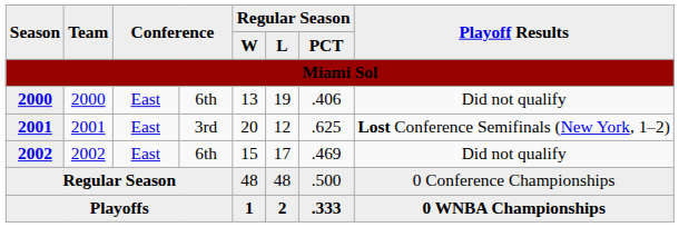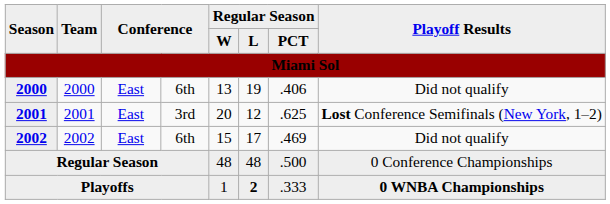 <table class="wikitable" style="font size:95%; text-align: center; margin:1em auto;">
 <tr>
 <th rowspan="2" style="background:#eee;">Season</th>
 <th rowspan="2" style="background:#eee;">Team</th>
 <th rowspan="2" colspan="2" style="background:#eee;">Conference</th>
 <th colspan="3" style="background:#eee;">Regular Season</th>
 <th rowspan="2" style="background:#eee;"><a href='#'>Playoff</a> Results</th>
 </tr>
 <tr>
 <th style="background:#eee;">W</th>
 <th style="background:#eee;">L</th>
 <th style="background:#eee;">PCT</th>
 </tr>
 <tr>
 <td colspan="8" align=center bgcolor="#990000 "><strong><span>Miami Sol</span></strong></td>
 </tr>
 <tr align="center">
 <th style="background:#eee;"><a href='#'>2000</a></th>
 <td><a href='#'>2000</a></td>
 <td style="width: 10%"><a href='#'>East</a></td>
 <td>6th</td>
 <td>13</td>
 <td>19</td>
 <td>.406</td>
 <td>Did not qualify</td>
 </tr>
 <tr align="center">
 <th style="background:#eee;"><a href='#'>2001</a></th>
 <td><a href='#'>2001</a></td>
 <td style="width: 10%"><a href='#'>East</a></td>
 <td>3rd</td>
 <td>20</td>
 <td>12</td>
 <td>.625</td>
 <td><strong>Lost</strong> Conference Semifinals (<a href='#'>New York</a>, 1–2)</td>
 </tr>
 <tr align="center">
 <th style="background:#eee;"><a href='#'>2002</a></th>
 <td><a href='#'>2002</a></td>
 <td style="width: 10%"><a href='#'>East</a></td>
 <td>6th</td>
 <td>15</td>
 <td>17</td>
 <td>.469</td>
 <td>Did not qualify</td>
 </tr>
 <tr>
 <th colspan="4" style="background:#eee;">Regular Season</th>
 <td style="background:#eee;">48</td>
 <td style="background:#eee;">48</td>
 <td style="background:#eee;">.500</td>
 <td style="background:#eee;">0 Conference Championships</td>
 </tr>
 <tr>
 <th colspan="4" style="background:#eee;">Playoffs</th>
-<td style="background:#eee;"><strong>1</strong></td>
+<td style="background:#eee;">1</td>
 <td style="background:#eee;"><strong>2</strong></td>
-<td style="background:#eee;"><strong>.333</strong></td>
+<td style="background:#eee;">.333</td>
 <td style="background:#eee;"><strong>0 WNBA Championships</strong></td>
 </tr>
 </table>
